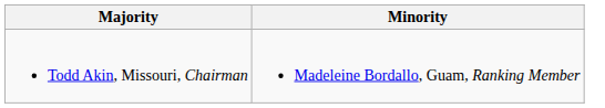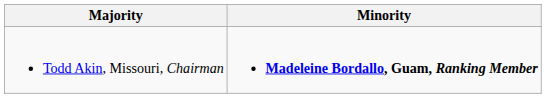 <table class=wikitable>
 <tr>
 <th>Majority</th>
 <th>Minority</th>
 </tr>
 <tr>
 <td><br><ul><li><a href='#'>Todd Akin</a>, Missouri, <em>Chairman</em></li></ul></td>
-<td><br><ul><li><a href='#'>Madeleine Bordallo</a>, Guam, <em>Ranking Member</em></li></ul></td>
+<td><strong><br><ul><li><a href='#'>Madeleine Bordallo</a>, Guam, <em>Ranking Member</em></li></ul></strong></td>
 </tr>
 </table>
